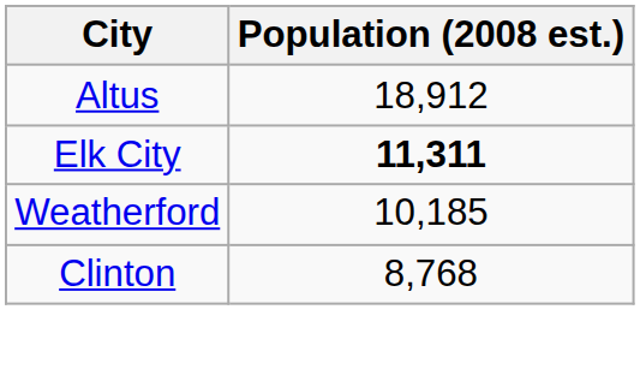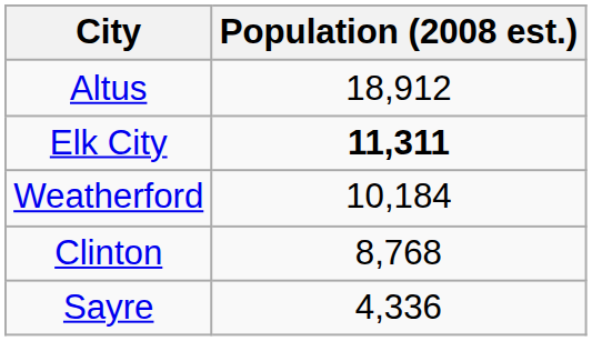 <table class="wikitable" border="1" style="text-align:center">
 <tr>
 <th>City</th>
 <th>Population (2008 est.)</th>
 </tr>
 <tr>
 <td><a href='#'>Altus</a></td>
 <td>18,912</td>
 </tr>
 <tr>
 <td><a href='#'>Elk City</a></td>
 <td><strong>11,311</strong></td>
 </tr>
 <tr>
 <td><a href='#'>Weatherford</a></td>
-<td>10,185</td>
+<td>10,184</td>
 </tr>
 <tr>
 <td><a href='#'>Clinton</a></td>
 <td>8,768</td>
 </tr>
+<tr>
+<td><a href='#'>Sayre</a></td>
+<td>4,336</td>
+</tr>
 </table>
